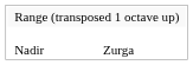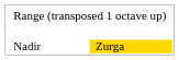 <table align=right style="border:1px solid #aaa; margin:1em;">
 <tr>
 <td colspan=2 style="padding:0.2em 0.5em; background:#f9f9f9;">Range (transposed 1 octave up)</td>
 </tr>
 <tr>
 <td style="padding:0.5em;"></td>
 <td style="padding:0.5em;"></td>
 </tr>
 <tr>
 <td style="padding:0 0.5em;">Nadir</td>
-<td style="padding:0 0.5em;">Zurga</td>
+<td style="background: gold; padding:0 0.5em;">Zurga</td>
 </tr>
 </table>
